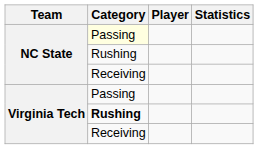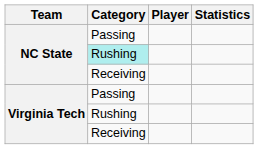 <table class="wikitable" style="float:right">
 <tr>
 <th>Team</th>
 <th>Category</th>
 <th>Player</th>
 <th>Statistics</th>
 </tr>
 <tr>
 <th rowspan=3>NC State</th>
-<td style="background: lightyellow;">Passing</td>
+<td>Passing</td>
 <td></td>
 <td></td>
 </tr>
 <tr>
-<td>Rushing</td>
+<td style="background: paleturquoise;">Rushing</td>
 <td></td>
 <td></td>
 </tr>
 <tr>
 <td>Receiving</td>
 <td></td>
 <td></td>
 </tr>
 <tr>
 <th rowspan=3>Virginia Tech</th>
 <td>Passing</td>
 <td></td>
 <td></td>
 </tr>
 <tr>
-<td><strong>Rushing</strong></td>
+<td>Rushing</td>
 <td></td>
 <td></td>
 </tr>
 <tr>
 <td>Receiving</td>
 <td></td>
 <td></td>
 </tr>
 </table>
